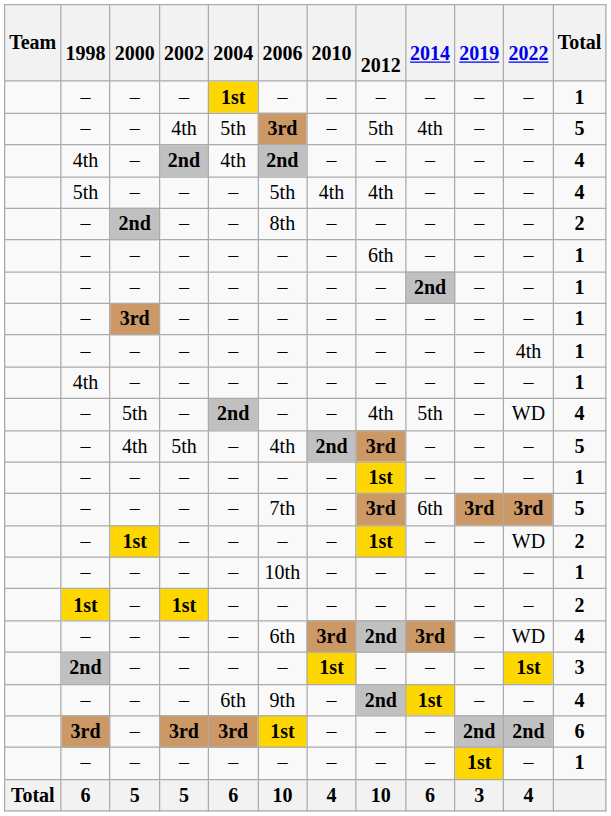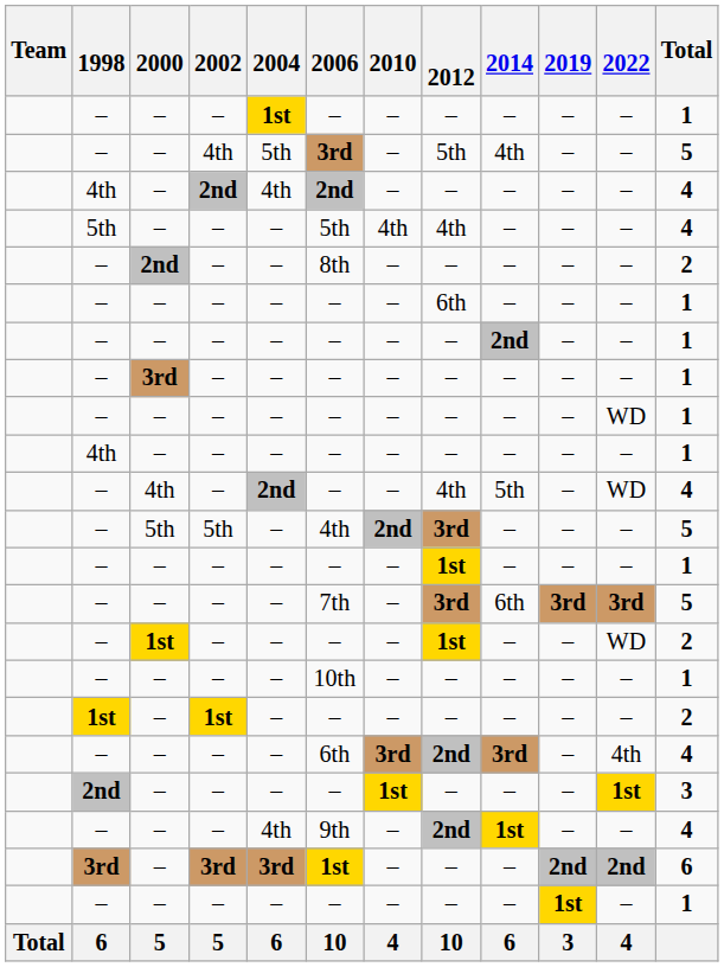 <table class="wikitable" style="text-align:center">
 <tr>
 <th>Team</th>
 <th><br>1998</th>
 <th><br>2000</th>
 <th><br>2002</th>
 <th><br>2004</th>
 <th><br>2006</th>
 <th><br>2010</th>
 <th><br><br>2012</th>
 <th><br><a href='#'>2014</a></th>
 <th><br><a href='#'>2019</a></th>
 <th><br><a href='#'>2022</a></th>
 <th>Total</th>
 </tr>
 <tr>
 <td align=left></td>
 <td>–</td>
 <td>–</td>
 <td>–</td>
 <td bgcolor=gold><strong>1st</strong></td>
 <td>–</td>
 <td>–</td>
 <td>–</td>
 <td>–</td>
 <td>–</td>
 <td>–</td>
 <td><strong>1</strong></td>
 </tr>
 <tr>
 <td align=left></td>
 <td>–</td>
 <td>–</td>
 <td>4th</td>
 <td>5th</td>
 <td bgcolor=cc9966><strong>3rd</strong></td>
 <td>–</td>
 <td>5th</td>
 <td>4th</td>
 <td>–</td>
 <td>–</td>
 <td><strong>5</strong></td>
 </tr>
 <tr>
 <td align=left></td>
 <td>4th</td>
 <td>–</td>
 <td bgcolor=silver><strong>2nd</strong></td>
 <td>4th</td>
 <td bgcolor=silver><strong>2nd</strong></td>
 <td>–</td>
 <td>–</td>
 <td>–</td>
 <td>–</td>
 <td>–</td>
 <td><strong>4</strong></td>
 </tr>
 <tr>
 <td align=left></td>
 <td>5th</td>
 <td>–</td>
 <td>–</td>
 <td>–</td>
 <td>5th</td>
 <td>4th</td>
 <td>4th</td>
 <td>–</td>
 <td>–</td>
 <td>–</td>
 <td><strong>4</strong></td>
 </tr>
 <tr>
 <td align=left></td>
 <td>–</td>
 <td bgcolor=silver><strong>2nd</strong></td>
 <td>–</td>
 <td>–</td>
 <td>8th</td>
 <td>–</td>
 <td>–</td>
 <td>–</td>
 <td>–</td>
 <td>–</td>
 <td><strong>2</strong></td>
 </tr>
 <tr>
 <td align=left></td>
 <td>–</td>
 <td>–</td>
 <td>–</td>
 <td>–</td>
 <td>–</td>
 <td>–</td>
 <td>6th</td>
 <td>–</td>
 <td>–</td>
 <td>–</td>
 <td><strong>1</strong></td>
 </tr>
 <tr>
 <td align=left></td>
 <td>–</td>
 <td>–</td>
 <td>–</td>
 <td>–</td>
 <td>–</td>
 <td>–</td>
 <td>–</td>
 <td bgcolor=silver><strong>2nd</strong></td>
 <td>–</td>
 <td>–</td>
 <td><strong>1</strong></td>
 </tr>
 <tr>
 <td align=left></td>
 <td>–</td>
 <td bgcolor=cc9966><strong>3rd</strong></td>
 <td>–</td>
 <td>–</td>
 <td>–</td>
 <td>–</td>
 <td>–</td>
 <td>–</td>
 <td>–</td>
 <td>–</td>
 <td><strong>1</strong></td>
 </tr>
 <tr>
 <td align=left></td>
 <td>–</td>
 <td>–</td>
 <td>–</td>
 <td>–</td>
 <td>–</td>
 <td>–</td>
 <td>–</td>
 <td>–</td>
 <td>–</td>
-<td>4th</td>
+<td>WD</td>
 <td><strong>1</strong></td>
 </tr>
 <tr>
 <td align=left></td>
 <td>4th</td>
 <td>–</td>
 <td>–</td>
 <td>–</td>
 <td>–</td>
 <td>–</td>
 <td>–</td>
 <td>–</td>
 <td>–</td>
 <td>–</td>
 <td><strong>1</strong></td>
 </tr>
 <tr>
 <td align=left></td>
 <td>–</td>
-<td>5th</td>
+<td>4th</td>
 <td>–</td>
 <td bgcolor=silver><strong>2nd</strong></td>
 <td>–</td>
 <td>–</td>
 <td>4th</td>
 <td>5th</td>
 <td>–</td>
 <td>WD</td>
 <td><strong>4</strong></td>
 </tr>
 <tr>
 <td align=left></td>
 <td>–</td>
-<td>4th</td>
+<td>5th</td>
 <td>5th</td>
 <td>–</td>
 <td>4th</td>
 <td bgcolor=silver><strong>2nd</strong></td>
 <td bgcolor=cc9966><strong>3rd</strong></td>
 <td>–</td>
 <td>–</td>
 <td>–</td>
 <td><strong>5</strong></td>
 </tr>
 <tr>
 <td align=left></td>
 <td>–</td>
 <td>–</td>
 <td>–</td>
 <td>–</td>
 <td>–</td>
 <td>–</td>
 <td bgcolor=gold><strong>1st</strong></td>
 <td>–</td>
 <td>–</td>
 <td>–</td>
 <td><strong>1</strong></td>
 </tr>
 <tr>
 <td align=left></td>
 <td>–</td>
 <td>–</td>
 <td>–</td>
 <td>–</td>
 <td>7th</td>
 <td>–</td>
 <td bgcolor=cc9966><strong>3rd</strong></td>
 <td>6th</td>
 <td bgcolor=cc9966><strong>3rd</strong></td>
 <td bgcolor=cc9966><strong>3rd</strong></td>
 <td><strong>5</strong></td>
 </tr>
 <tr>
 <td align=left></td>
 <td>–</td>
 <td bgcolor=gold><strong>1st</strong></td>
 <td>–</td>
 <td>–</td>
 <td>–</td>
 <td>–</td>
 <td bgcolor=gold><strong>1st</strong></td>
 <td>–</td>
 <td>–</td>
 <td>WD</td>
 <td><strong>2</strong></td>
 </tr>
 <tr>
 <td align=left></td>
 <td>–</td>
 <td>–</td>
 <td>–</td>
 <td>–</td>
 <td>10th</td>
 <td>–</td>
 <td>–</td>
 <td>–</td>
 <td>–</td>
 <td>–</td>
 <td><strong>1</strong></td>
 </tr>
 <tr>
 <td align=left></td>
 <td bgcolor=gold><strong>1st</strong></td>
 <td>–</td>
 <td bgcolor=gold><strong>1st</strong></td>
 <td>–</td>
 <td>–</td>
 <td>–</td>
 <td>–</td>
 <td>–</td>
 <td>–</td>
 <td>–</td>
 <td><strong>2</strong></td>
 </tr>
 <tr>
 <td align=left></td>
 <td>–</td>
 <td>–</td>
 <td>–</td>
 <td>–</td>
 <td>6th</td>
 <td bgcolor=cc9966><strong>3rd</strong></td>
 <td bgcolor=silver><strong>2nd</strong></td>
 <td bgcolor=cc9966><strong>3rd</strong></td>
 <td>–</td>
-<td>WD</td>
+<td>4th</td>
 <td><strong>4</strong></td>
 </tr>
 <tr>
 <td align=left></td>
 <td bgcolor=silver><strong>2nd</strong></td>
 <td>–</td>
 <td>–</td>
 <td>–</td>
 <td>–</td>
 <td bgcolor=gold><strong>1st</strong></td>
 <td>–</td>
 <td>–</td>
 <td>–</td>
 <td bgcolor=gold><strong>1st</strong></td>
 <td><strong>3</strong></td>
 </tr>
 <tr>
 <td align=left></td>
 <td>–</td>
 <td>–</td>
 <td>–</td>
-<td>6th</td>
+<td>4th</td>
 <td>9th</td>
 <td>–</td>
 <td bgcolor=silver><strong>2nd</strong></td>
 <td bgcolor=gold><strong>1st</strong></td>
 <td>–</td>
 <td>–</td>
 <td><strong>4</strong></td>
 </tr>
 <tr>
 <td align=left></td>
 <td bgcolor=cc9966><strong>3rd</strong></td>
 <td>–</td>
 <td bgcolor=cc9966><strong>3rd</strong></td>
 <td bgcolor=cc9966><strong>3rd</strong></td>
 <td bgcolor=gold><strong>1st</strong></td>
 <td>–</td>
 <td>–</td>
 <td>–</td>
 <td bgcolor=silver><strong>2nd</strong></td>
 <td bgcolor=silver><strong>2nd</strong></td>
 <td><strong>6</strong></td>
 </tr>
 <tr>
 <td align=left></td>
 <td>–</td>
 <td>–</td>
 <td>–</td>
 <td>–</td>
 <td>–</td>
 <td>–</td>
 <td>–</td>
 <td>–</td>
 <td bgcolor=gold><strong>1st</strong></td>
 <td>–</td>
 <td><strong>1</strong></td>
 </tr>
 <tr>
 <th>Total</th>
 <th>6</th>
 <th>5</th>
 <th>5</th>
 <th>6</th>
 <th>10</th>
 <th>4</th>
 <th>10</th>
 <th>6</th>
 <th>3</th>
 <th>4</th>
 <th></th>
 </tr>
 </table>
